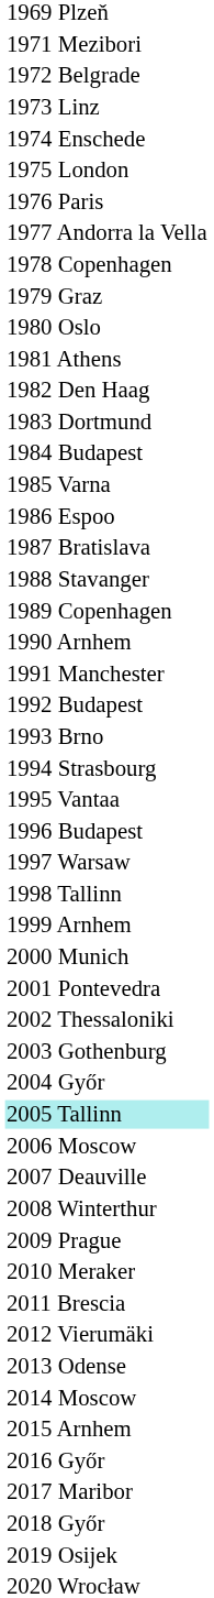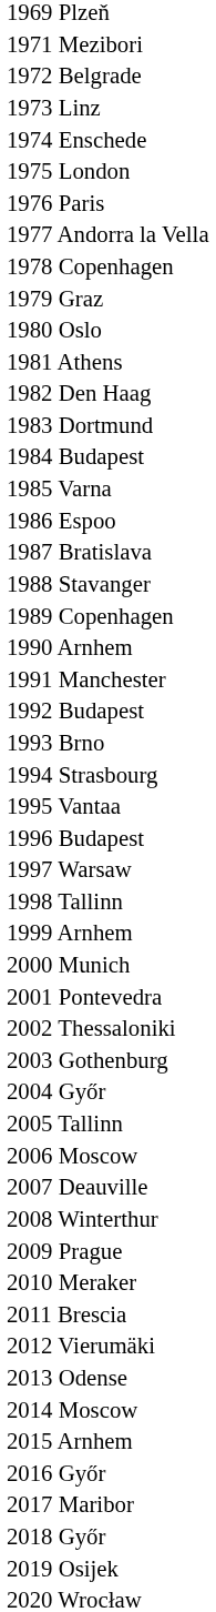 <table>
 <tr>
 <td>1969 Plzeň</td>
 <td></td>
 <td></td>
 <td></td>
 </tr>
 <tr>
 <td>1971 Mezibori</td>
 <td></td>
 <td></td>
 <td></td>
 </tr>
 <tr>
 <td>1972 Belgrade</td>
 <td></td>
 <td></td>
 <td></td>
 </tr>
 <tr>
 <td>1973 Linz</td>
 <td></td>
 <td></td>
 <td></td>
 </tr>
 <tr>
 <td>1974 Enschede</td>
 <td></td>
 <td></td>
 <td></td>
 </tr>
 <tr>
 <td>1975 London</td>
 <td></td>
 <td></td>
 <td></td>
 </tr>
 <tr>
 <td>1976 Paris</td>
 <td></td>
 <td></td>
 <td></td>
 </tr>
 <tr>
 <td>1977 Andorra la Vella</td>
 <td></td>
 <td></td>
 <td></td>
 </tr>
 <tr>
 <td>1978 Copenhagen</td>
 <td></td>
 <td></td>
 <td></td>
 </tr>
 <tr>
 <td>1979 Graz</td>
 <td></td>
 <td></td>
 <td></td>
 </tr>
 <tr>
 <td>1980 Oslo</td>
 <td></td>
 <td></td>
 <td></td>
 </tr>
 <tr>
 <td>1981 Athens</td>
 <td></td>
 <td></td>
 <td></td>
 </tr>
 <tr>
 <td>1982 Den Haag</td>
 <td></td>
 <td></td>
 <td></td>
 </tr>
 <tr>
 <td>1983 Dortmund</td>
 <td></td>
 <td></td>
 <td></td>
 </tr>
 <tr>
 <td>1984 Budapest</td>
 <td></td>
 <td></td>
 <td></td>
 </tr>
 <tr>
 <td>1985 Varna</td>
 <td></td>
 <td></td>
 <td></td>
 </tr>
 <tr>
 <td>1986 Espoo</td>
 <td></td>
 <td></td>
 <td></td>
 </tr>
 <tr>
 <td>1987 Bratislava</td>
 <td></td>
 <td></td>
 <td></td>
 </tr>
 <tr>
 <td>1988 Stavanger</td>
 <td></td>
 <td></td>
 <td></td>
 </tr>
 <tr>
 <td>1989 Copenhagen</td>
 <td></td>
 <td></td>
 <td></td>
 </tr>
 <tr>
 <td>1990 Arnhem</td>
 <td></td>
 <td></td>
 <td></td>
 </tr>
 <tr>
 <td>1991 Manchester</td>
 <td></td>
 <td></td>
 <td></td>
 </tr>
 <tr>
 <td>1992 Budapest</td>
 <td></td>
 <td></td>
 <td></td>
 </tr>
 <tr>
 <td>1993 Brno</td>
 <td></td>
 <td></td>
 <td></td>
 </tr>
 <tr>
 <td>1994 Strasbourg</td>
 <td></td>
 <td></td>
 <td></td>
 </tr>
 <tr>
 <td>1995 Vantaa</td>
 <td></td>
 <td></td>
 <td></td>
 </tr>
 <tr>
 <td>1996 Budapest</td>
 <td></td>
 <td></td>
 <td></td>
 </tr>
 <tr>
 <td>1997 Warsaw</td>
 <td></td>
 <td></td>
 <td></td>
 </tr>
 <tr>
 <td>1998 Tallinn</td>
 <td></td>
 <td></td>
 <td></td>
 </tr>
 <tr>
 <td>1999 Arnhem</td>
 <td></td>
 <td></td>
 <td></td>
 </tr>
 <tr>
 <td>2000 Munich</td>
 <td></td>
 <td></td>
 <td></td>
 </tr>
 <tr>
 <td>2001 Pontevedra</td>
 <td></td>
 <td></td>
 <td></td>
 </tr>
 <tr>
 <td>2002 Thessaloniki</td>
 <td></td>
 <td></td>
 <td></td>
 </tr>
 <tr>
 <td>2003 Gothenburg</td>
 <td></td>
 <td></td>
 <td></td>
 </tr>
 <tr>
 <td>2004 Győr</td>
 <td></td>
 <td></td>
 <td></td>
 </tr>
 <tr>
-<td style="background: paleturquoise;">2005 Tallinn</td>
+<td>2005 Tallinn</td>
 <td></td>
 <td></td>
 <td></td>
 </tr>
 <tr>
 <td>2006 Moscow</td>
 <td></td>
 <td></td>
 <td></td>
 </tr>
 <tr>
 <td>2007 Deauville</td>
 <td></td>
 <td></td>
 <td></td>
 </tr>
 <tr>
 <td>2008 Winterthur</td>
 <td></td>
 <td></td>
 <td></td>
 </tr>
 <tr>
 <td>2009 Prague</td>
 <td></td>
 <td></td>
 <td></td>
 </tr>
 <tr>
 <td>2010 Meraker</td>
 <td></td>
 <td></td>
 <td></td>
 </tr>
 <tr>
 <td>2011 Brescia</td>
 <td></td>
 <td></td>
 <td></td>
 </tr>
 <tr>
 <td>2012 Vierumäki</td>
 <td></td>
 <td></td>
 <td></td>
 </tr>
 <tr>
 <td>2013 Odense</td>
 <td></td>
 <td></td>
 <td></td>
 </tr>
 <tr>
 <td>2014 Moscow</td>
 <td></td>
 <td></td>
 <td></td>
 </tr>
 <tr>
 <td>2015 Arnhem</td>
 <td></td>
 <td></td>
 <td></td>
 </tr>
 <tr>
 <td>2016 Győr</td>
 <td></td>
 <td></td>
 <td></td>
 </tr>
 <tr>
 <td>2017 Maribor</td>
 <td></td>
 <td></td>
 <td></td>
 </tr>
 <tr>
 <td>2018 Győr</td>
 <td></td>
 <td></td>
 <td></td>
 </tr>
 <tr>
 <td>2019 Osijek</td>
 <td></td>
 <td></td>
 <td></td>
 </tr>
 <tr>
 <td>2020 Wrocław</td>
 <td></td>
 <td></td>
 <td></td>
 </tr>
 </table>
